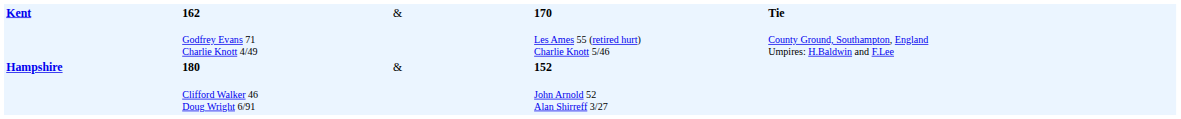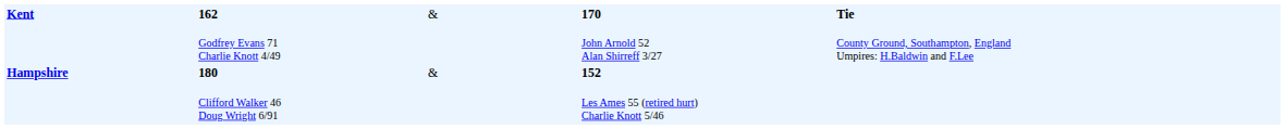 <table width="100%" style="background: #EBF5FF">
 <tr>
 <td width="15%" valign="top" rowspan="2"><strong><a href='#'>Kent</a></strong></td>
 <td width="18%"><strong>162</strong></td>
 <td width="12%">&</td>
 <td width="20%"><strong>170</strong></td>
 <td width="35%"><strong>Tie</strong></td>
 </tr>
 <tr>
 <td style="font-size: 85%;" valign="top"><br><a href='#'>Godfrey Evans</a> 71<br> <a href='#'>Charlie Knott</a> 4/49</td>
 <td></td>
-<td style="font-size: 85%;"><br><a href='#'>Les Ames</a> 55 (<a href='#'>retired hurt</a>)<br> <a href='#'>Charlie Knott</a> 5/46</td>
+<td valign="top" style="font-size: 85%;"><br><a href='#'>John Arnold</a> 52<br> <a href='#'>Alan Shirreff</a> 3/27</td>
 <td valign="top" style="font-size: 85%;" rowspan="3"><br><a href='#'>County Ground, Southampton</a>, <a href='#'>England</a><br> Umpires: <a href='#'>H.Baldwin</a> and <a href='#'>F.Lee</a></td>
 </tr>
 <tr>
 <td valign="top" rowspan="2"><strong><a href='#'>Hampshire</a></strong></td>
 <td><strong>180</strong></td>
 <td>&</td>
 <td><strong>152</strong></td>
 </tr>
 <tr>
 <td style="font-size: 85%;"><br><a href='#'>Clifford Walker</a> 46<br> <a href='#'>Doug Wright</a> 6/91</td>
 <td></td>
-<td valign="top" style="font-size: 85%;"><br><a href='#'>John Arnold</a> 52<br> <a href='#'>Alan Shirreff</a> 3/27</td>
+<td style="font-size: 85%;"><br><a href='#'>Les Ames</a> 55 (<a href='#'>retired hurt</a>)<br> <a href='#'>Charlie Knott</a> 5/46</td>
 </tr>
 </table>
